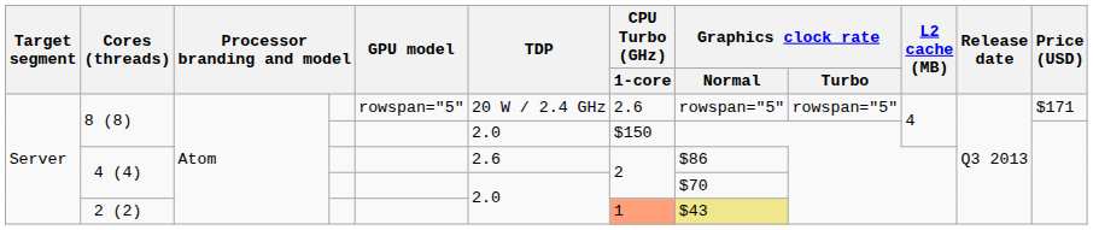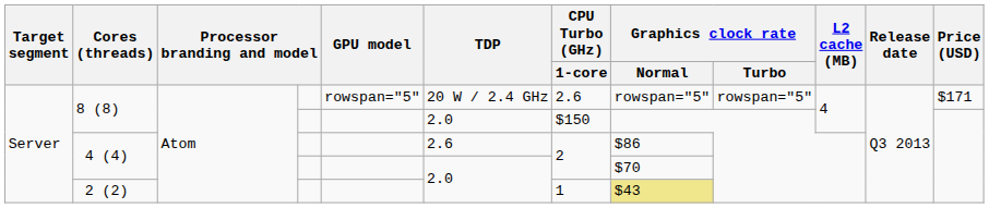 <table class="wikitable">
 <tr>
 <th rowspan=2>Target<br>segment</th>
 <th rowspan=2>Cores<br>(threads)</th>
 <th colspan=2 rowspan="2">Processor<br>branding and model</th>
 <th rowspan=2>GPU model</th>
 <th rowspan=2>TDP</th>
 <th>CPU<br>Turbo<br>(GHz)</th>
 <th colspan=2>Graphics <a href='#'>clock rate</a></th>
 <th rowspan=2><a href='#'>L2<br>cache</a><br>(MB)</th>
 <th rowspan=2>Release<br>date</th>
 <th rowspan=2>Price<br>(USD)</th>
 </tr>
 <tr>
 <th>1-core</th>
 <th>Normal</th>
 <th>Turbo</th>
 </tr>
 <tr>
 <td rowspan="5">Server</td>
 <td rowspan="2">8 (8)</td>
 <td rowspan="5">Atom</td>
 <td></td>
 <td>rowspan="5" </td>
 <td>20 W / 2.4 GHz</td>
 <td>2.6</td>
 <td>rowspan="5" </td>
 <td>rowspan="5" </td>
 <td rowspan="2">4</td>
 <td rowspan="5">Q3 2013</td>
 <td>$171</td>
 </tr>
 <tr>
 <td></td>
 <td></td>
 <td>2.0</td>
 <td>$150</td>
 </tr>
 <tr>
 <td rowspan="2"> 4 (4)</td>
 <td></td>
 <td></td>
 <td>2.6</td>
 <td rowspan="2">2</td>
 <td>$86</td>
 </tr>
 <tr>
 <td></td>
 <td></td>
 <td rowspan="2">2.0</td>
 <td>$70</td>
 </tr>
 <tr>
 <td> 2 (2)</td>
 <td></td>
 <td></td>
-<td style="background: lightsalmon;">1</td>
+<td>1</td>
 <td style="background: khaki;">$43</td>
 </tr>
 </table>
